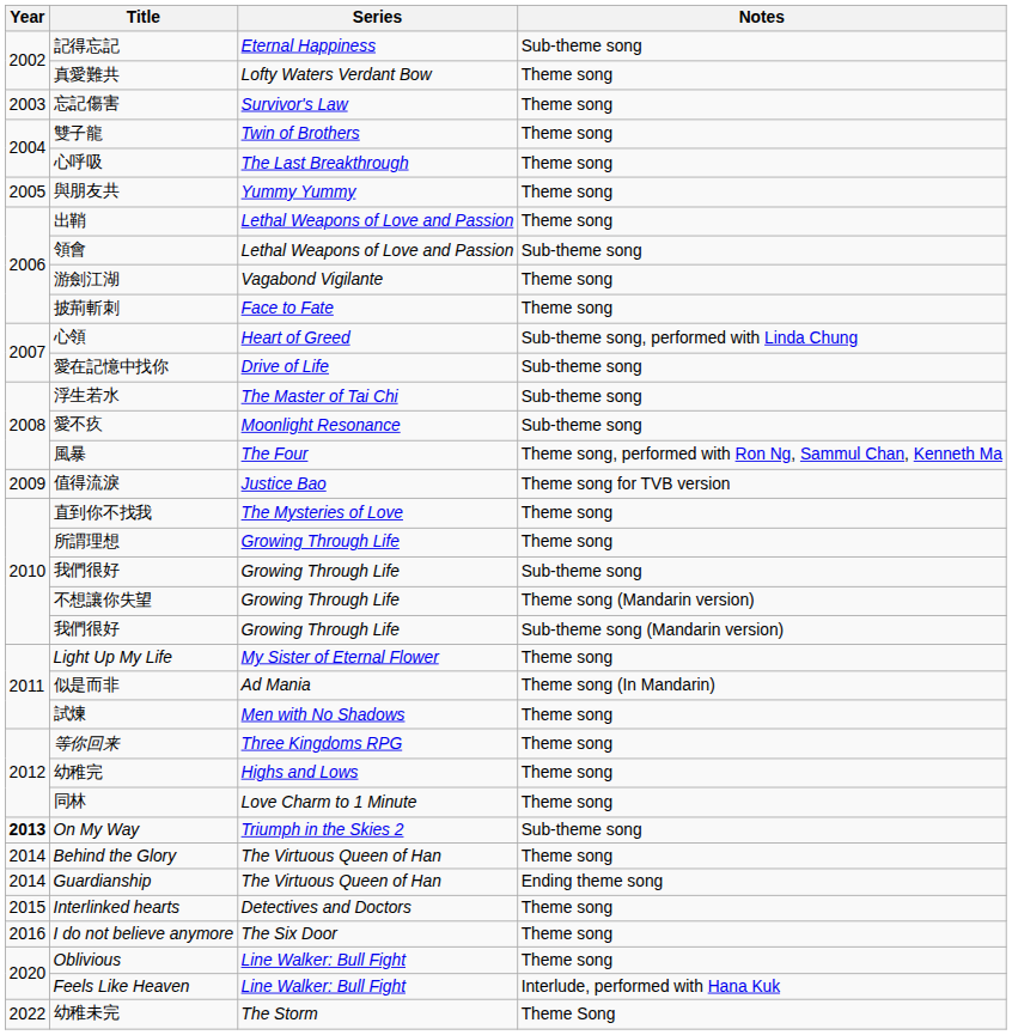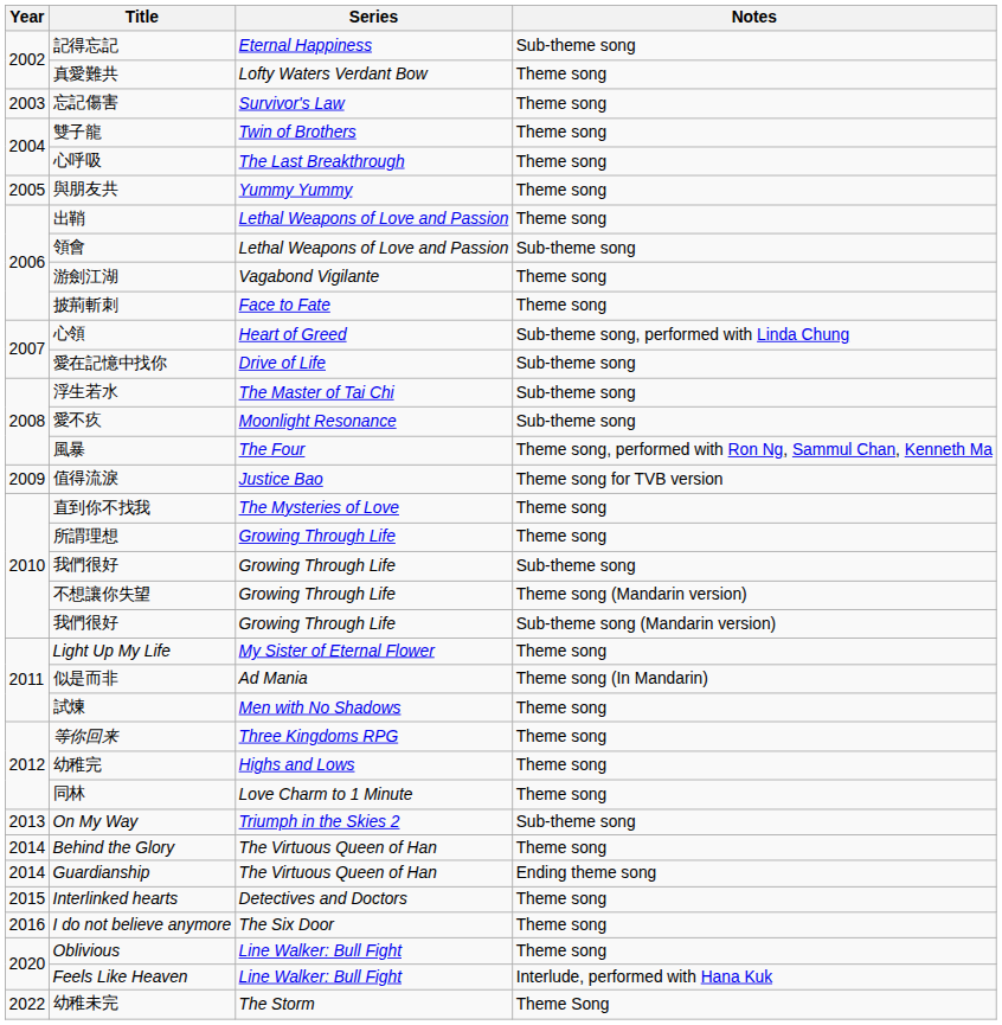 <table class="wikitable">
 <tr>
 <th>Year</th>
 <th>Title</th>
 <th>Series</th>
 <th>Notes</th>
 </tr>
 <tr>
 <td rowspan=2>2002</td>
 <td>記得忘記</td>
 <td><em><a href='#'>Eternal Happiness</a></em></td>
 <td>Sub-theme song</td>
 </tr>
 <tr>
 <td>真愛難共</td>
 <td><em>Lofty Waters Verdant Bow</em></td>
 <td>Theme song</td>
 </tr>
 <tr>
 <td>2003</td>
 <td>忘記傷害</td>
 <td><em><a href='#'>Survivor's Law</a></em></td>
 <td>Theme song</td>
 </tr>
 <tr>
 <td rowspan=2>2004</td>
 <td>雙子龍</td>
 <td><em><a href='#'>Twin of Brothers</a></em></td>
 <td>Theme song</td>
 </tr>
 <tr>
 <td>心呼吸</td>
 <td><em><a href='#'>The Last Breakthrough</a></em></td>
 <td>Theme song</td>
 </tr>
 <tr>
 <td>2005</td>
 <td>與朋友共</td>
 <td><em><a href='#'>Yummy Yummy</a></em></td>
 <td>Theme song</td>
 </tr>
 <tr>
 <td rowspan=4>2006</td>
 <td>出鞘</td>
 <td><em><a href='#'>Lethal Weapons of Love and Passion</a></em></td>
 <td>Theme song</td>
 </tr>
 <tr>
 <td>領會</td>
 <td><em>Lethal Weapons of Love and Passion</em></td>
 <td>Sub-theme song</td>
 </tr>
 <tr>
 <td>游劍江湖</td>
 <td><em>Vagabond Vigilante</em></td>
 <td>Theme song</td>
 </tr>
 <tr>
 <td>披荊斬刺</td>
 <td><em><a href='#'>Face to Fate</a></em></td>
 <td>Theme song</td>
 </tr>
 <tr>
 <td rowspan=2>2007</td>
 <td>心領</td>
 <td><em><a href='#'>Heart of Greed</a></em></td>
 <td>Sub-theme song, performed with <a href='#'>Linda Chung</a></td>
 </tr>
 <tr>
 <td>愛在記憶中找你</td>
 <td><em><a href='#'>Drive of Life</a></em></td>
 <td>Sub-theme song</td>
 </tr>
 <tr>
 <td rowspan=3>2008</td>
 <td>浮生若水</td>
 <td><em><a href='#'>The Master of Tai Chi</a></em></td>
 <td>Sub-theme song</td>
 </tr>
 <tr>
 <td>愛不疚</td>
 <td><em><a href='#'>Moonlight Resonance</a></em></td>
 <td>Sub-theme song</td>
 </tr>
 <tr>
 <td>風暴</td>
 <td><em><a href='#'>The Four</a></em></td>
 <td>Theme song, performed with <a href='#'>Ron Ng</a>, <a href='#'>Sammul Chan</a>, <a href='#'>Kenneth Ma</a></td>
 </tr>
 <tr>
 <td>2009</td>
 <td>值得流淚</td>
 <td><em><a href='#'>Justice Bao</a></em></td>
 <td>Theme song for TVB version</td>
 </tr>
 <tr>
 <td rowspan=5>2010</td>
 <td>直到你不找我</td>
 <td><em><a href='#'>The Mysteries of Love</a></em></td>
 <td>Theme song</td>
 </tr>
 <tr>
 <td>所謂理想</td>
 <td><em><a href='#'>Growing Through Life</a></em></td>
 <td>Theme song</td>
 </tr>
 <tr>
 <td>我們很好</td>
 <td><em>Growing Through Life</em></td>
 <td>Sub-theme song</td>
 </tr>
 <tr>
 <td>不想讓你失望</td>
 <td><em>Growing Through Life</em></td>
 <td>Theme song (Mandarin version)</td>
 </tr>
 <tr>
 <td>我們很好</td>
 <td><em>Growing Through Life</em></td>
 <td>Sub-theme song (Mandarin version)</td>
 </tr>
 <tr>
 <td rowspan=3>2011</td>
 <td><em>Light Up My Life</em></td>
 <td><em><a href='#'>My Sister of Eternal Flower</a></em></td>
 <td>Theme song</td>
 </tr>
 <tr>
 <td>似是而非</td>
 <td><em>Ad Mania</em></td>
 <td>Theme song (In Mandarin)</td>
 </tr>
 <tr>
 <td>試煉</td>
 <td><em><a href='#'>Men with No Shadows</a></em></td>
 <td>Theme song</td>
 </tr>
 <tr>
 <td rowspan=3>2012</td>
 <td><em>等你回来</em></td>
 <td><em><a href='#'>Three Kingdoms RPG</a></em></td>
 <td>Theme song</td>
 </tr>
 <tr>
 <td>幼稚完</td>
 <td><em><a href='#'>Highs and Lows</a></em></td>
 <td>Theme song</td>
 </tr>
 <tr>
 <td>同林</td>
 <td><em>Love Charm to 1 Minute</em></td>
 <td>Theme song</td>
 </tr>
 <tr>
-<td><strong>2013</strong></td>
+<td>2013</td>
 <td><em>On My Way</em></td>
 <td><em><a href='#'>Triumph in the Skies 2</a></em></td>
 <td>Sub-theme song</td>
 </tr>
 <tr>
 <td>2014</td>
 <td><em>Behind the Glory</em></td>
 <td><em>The Virtuous Queen of Han</em></td>
 <td>Theme song</td>
 </tr>
 <tr>
 <td>2014</td>
 <td><em>Guardianship</em></td>
 <td><em>The Virtuous Queen of Han</em></td>
 <td>Ending theme song</td>
 </tr>
 <tr>
 <td>2015</td>
 <td><em>Interlinked hearts</em></td>
 <td><em>Detectives and Doctors</em></td>
 <td>Theme song</td>
 </tr>
 <tr>
 <td>2016</td>
 <td><em>I do not believe anymore</em></td>
 <td><em>The Six Door</em></td>
 <td>Theme song</td>
 </tr>
 <tr>
 <td rowspan=2>2020</td>
 <td><em>Oblivious</em></td>
 <td><em><a href='#'>Line Walker: Bull Fight</a></em></td>
 <td>Theme song</td>
 </tr>
 <tr>
 <td><em>Feels Like Heaven</em></td>
 <td><em><a href='#'>Line Walker: Bull Fight</a></em></td>
 <td>Interlude, performed with <a href='#'>Hana Kuk</a></td>
 </tr>
 <tr>
 <td>2022</td>
 <td>幼稚未完</td>
 <td><em>The Storm</em></td>
 <td>Theme Song</td>
 </tr>
 </table>
